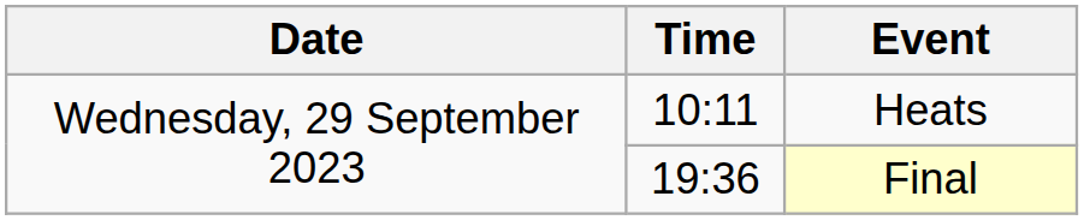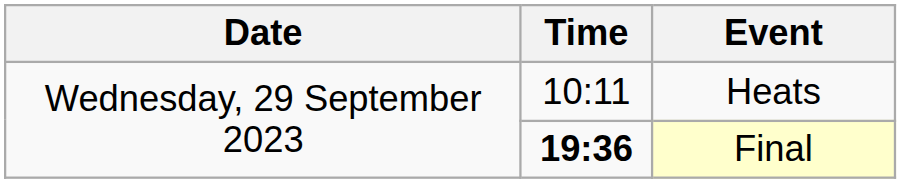 <table class = "wikitable" style="text-align:center;">
 <tr>
 <th width=220>Date</th>
 <th width=50>Time</th>
 <th width=100>Event</th>
 </tr>
 <tr>
 <td rowspan=3>Wednesday, 29 September 2023</td>
 <td>10:11</td>
 <td>Heats</td>
 </tr>
 <tr>
-<td>19:36</td>
+<td><strong>19:36</strong></td>
 <td bgcolor=ffffcc>Final</td>
 </tr>
 </table>
